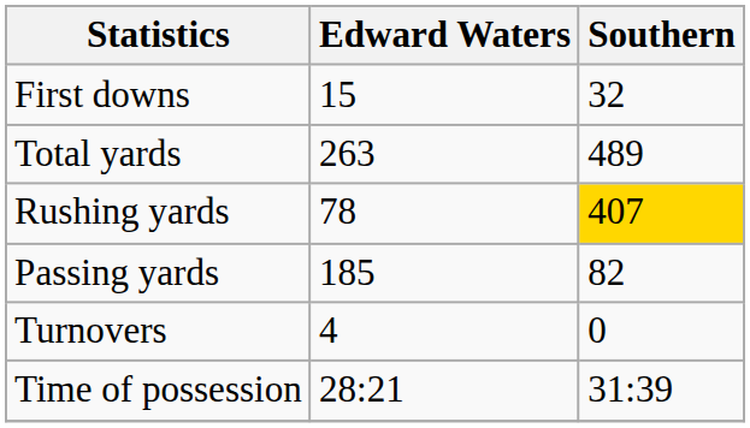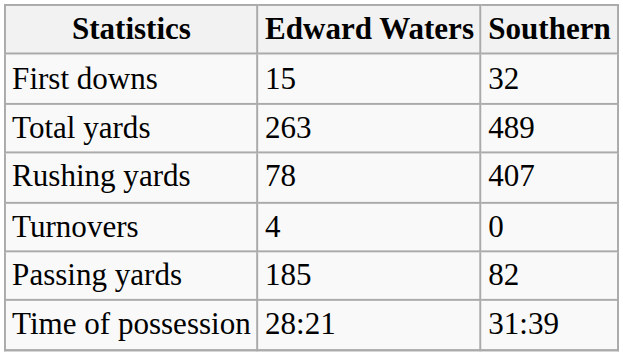 <table class="wikitable">
 <tr>
 <th>Statistics</th>
 <th>Edward Waters</th>
 <th>Southern</th>
 </tr>
 <tr>
 <td>First downs</td>
 <td>15</td>
 <td>32</td>
 </tr>
 <tr>
 <td>Total yards</td>
 <td>263</td>
 <td>489</td>
 </tr>
 <tr>
 <td>Rushing yards</td>
 <td>78</td>
-<td style="background: gold;">407</td>
+<td>407</td>
+</tr>
+<tr>
+<td>Turnovers</td>
+<td>4</td>
+<td>0</td>
 </tr>
 <tr>
 <td>Passing yards</td>
 <td>185</td>
 <td>82</td>
-</tr>
-<tr>
-<td>Turnovers</td>
-<td>4</td>
-<td>0</td>
 </tr>
 <tr>
 <td>Time of possession</td>
 <td>28:21</td>
 <td>31:39</td>
 </tr>
 <tr>
 </tr>
 </table>
